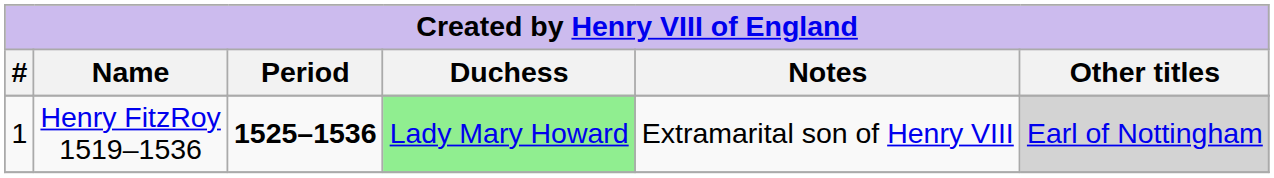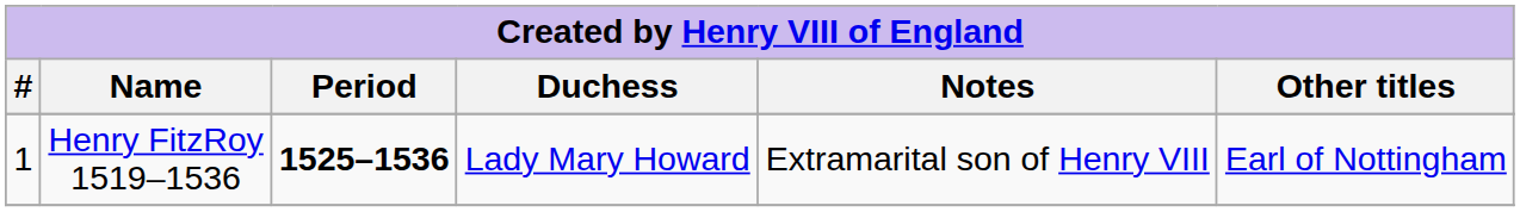 <table style="text-align:center" class="wikitable">
 <tr>
 <th colspan="6" style="background-color: #cbe">Created by <a href='#'>Henry VIII of England</a></th>
 </tr>
 <tr>
 <th>#</th>
 <th>Name</th>
 <th>Period</th>
 <th>Duchess</th>
 <th>Notes</th>
 <th>Other titles</th>
 </tr>
 <tr bgcolor="#dddddd" |>
 </tr>
 <tr>
 <td>1</td>
 <td><a href='#'>Henry FitzRoy</a><br>1519–1536</td>
 <td><strong>1525–1536</strong></td>
-<td style="background: lightgreen;"><a href='#'>Lady Mary Howard</a></td>
+<td><a href='#'>Lady Mary Howard</a></td>
 <td>Extramarital son of <a href='#'>Henry VIII</a></td>
-<td style="background: lightgrey;"><a href='#'>Earl of Nottingham</a></td>
+<td><a href='#'>Earl of Nottingham</a></td>
 </tr>
 <tr>
 </tr>
 </table>
